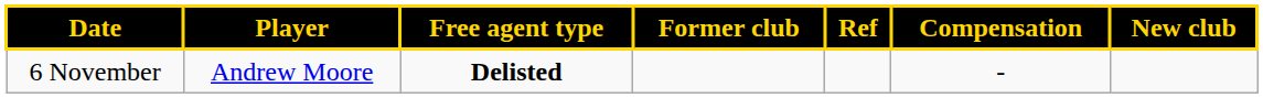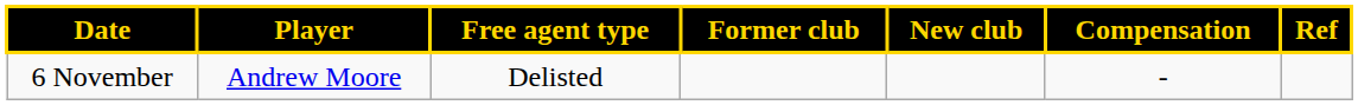 <table class="wikitable sortable" style="text-align:center; font-size:100%; width:60%;">
 <tr>
 <th style="background:black; border: solid gold 2px; color:gold;">Date</th>
 <th style="background:black; border: solid gold 2px; color:gold;">Player</th>
 <th style="background:black; border: solid gold 2px; color:gold;">Free agent type</th>
 <th style="background:black; border: solid gold 2px; color:gold;">Former club</th>
+<th style="background:black; border: solid gold 2px; color:gold;">New club</th>
+<th style="background:black; border: solid gold 2px; color:gold;">Compensation</th>
 <th style="background:black; border: solid gold 2px; color:gold;">Ref</th>
-<th style="background:black; border: solid gold 2px; color:gold;">Compensation</th>
-<th style="background:black; border: solid gold 2px; color:gold;">New club</th>
 </tr>
 <tr>
 <td>6 November</td>
 <td><a href='#'>Andrew Moore</a></td>
-<td><strong>Delisted</strong></td>
+<td>Delisted</td>
 <td></td>
 <td></td>
 <td>-</td>
 <td></td>
 </tr>
 </table>
